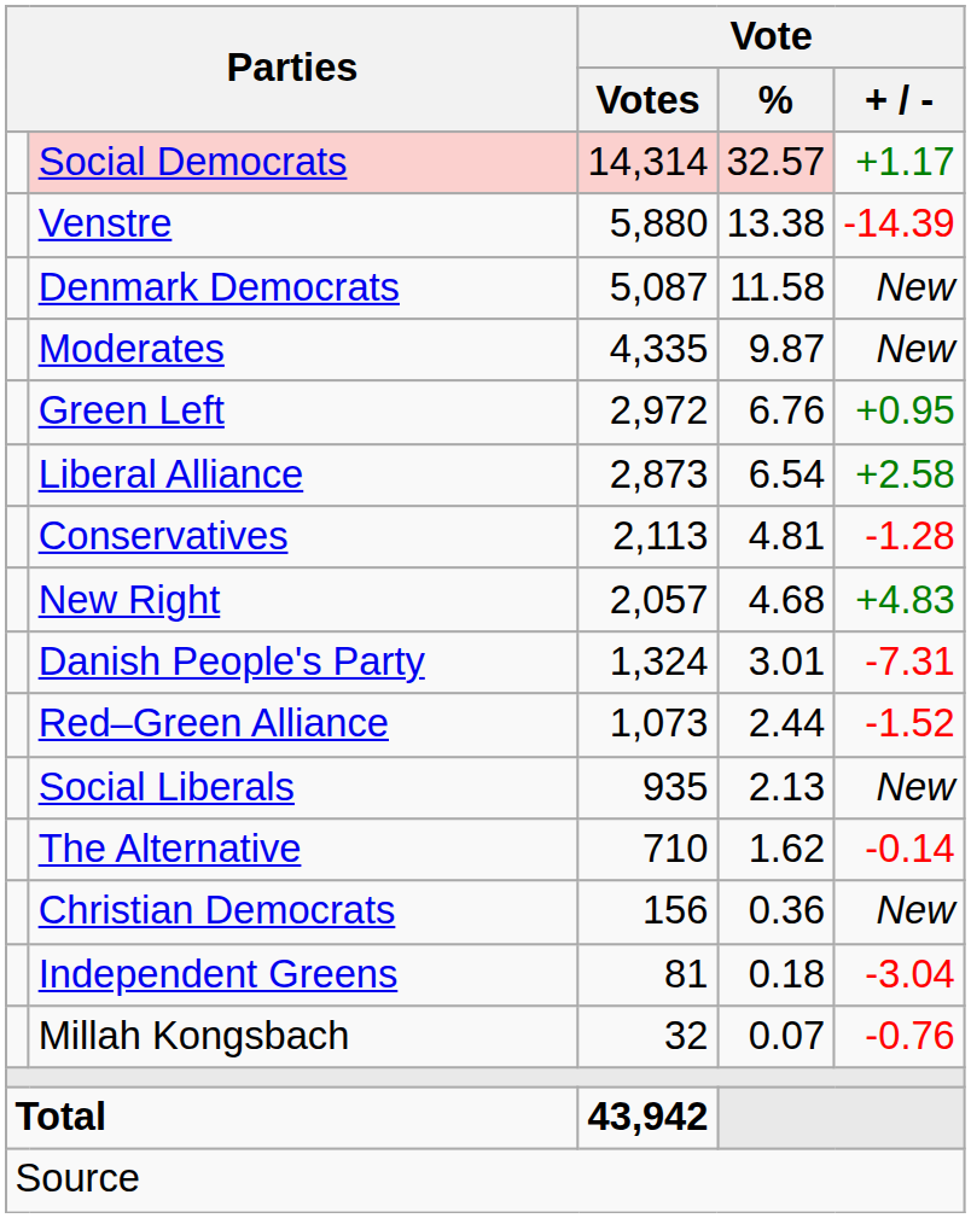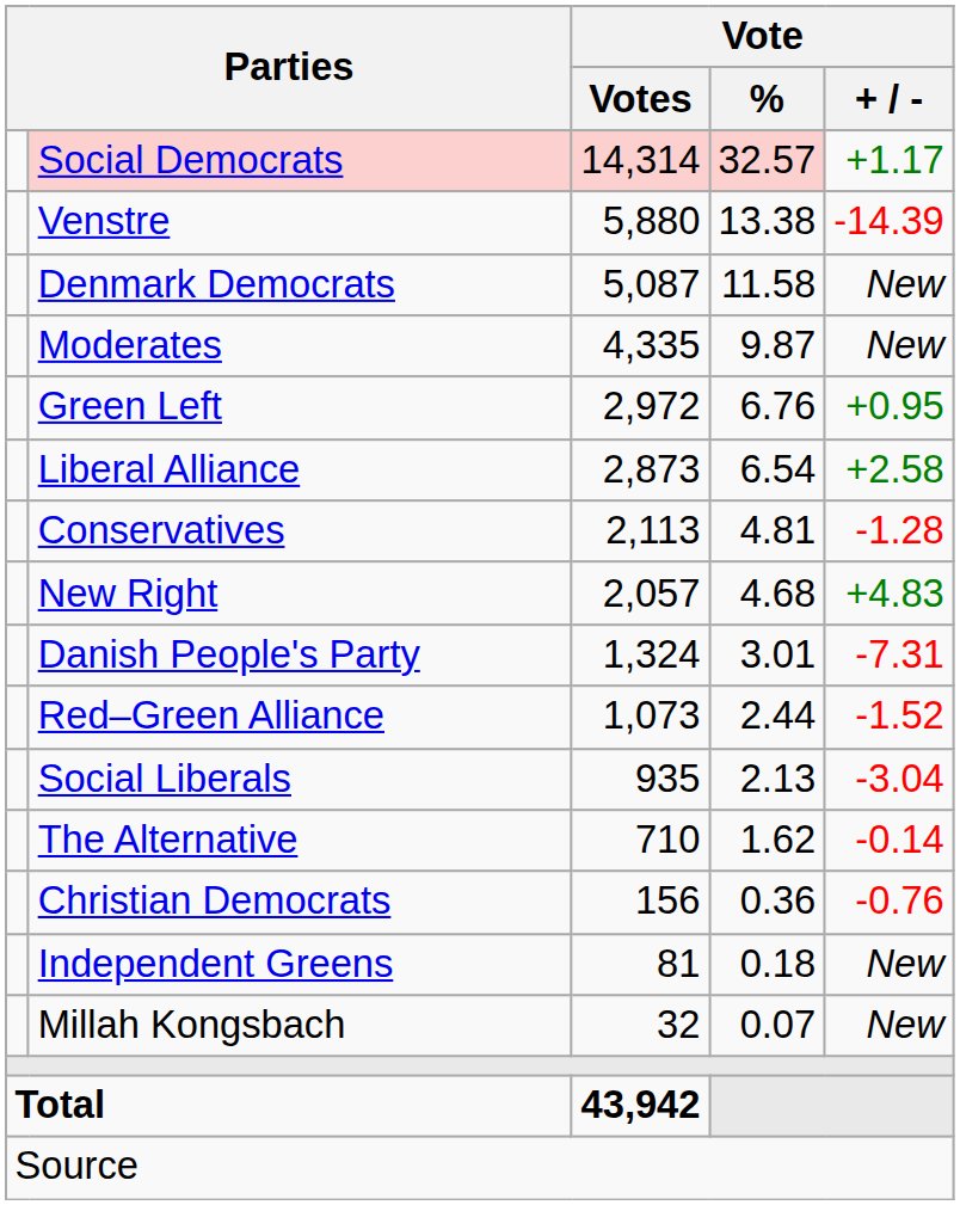 <table class="wikitable" style="text-align:right;">
 <tr>
 <th style="text-align:centre;" rowspan="2" colspan="2" width="225">Parties</th>
 <th colspan="3">Vote</th>
 </tr>
 <tr>
 <th width="15">Votes</th>
 <th width="15">%</th>
 <th width="15">+ / -</th>
 </tr>
 <tr>
 <td width="2" style="color:inherit;background:"></td>
 <td bgcolor=#fbd0ce  align="left"><a href='#'>Social Democrats</a></td>
 <td bgcolor=#fbd0ce>14,314</td>
 <td bgcolor=#fbd0ce>32.57</td>
 <td style=color:green;>+1.17</td>
 </tr>
 <tr>
 <td width="2" style="color:inherit;background:"></td>
 <td align="left"><a href='#'>Venstre</a></td>
 <td>5,880</td>
 <td>13.38</td>
 <td style=color:red;>-14.39</td>
 </tr>
 <tr>
 <td width="2" style="color:inherit;background:"></td>
 <td align="left"><a href='#'>Denmark Democrats</a></td>
 <td>5,087</td>
 <td>11.58</td>
 <td><em>New</em></td>
 </tr>
 <tr>
 <td width="2" style="color:inherit;background:"></td>
 <td align="left"><a href='#'>Moderates</a></td>
 <td>4,335</td>
 <td>9.87</td>
 <td><em>New</em></td>
 </tr>
 <tr>
 <td width="2" style="color:inherit;background:"></td>
 <td align="left"><a href='#'>Green Left</a></td>
 <td>2,972</td>
 <td>6.76</td>
 <td style=color:green;>+0.95</td>
 </tr>
 <tr>
 <td width="2" style="color:inherit;background:"></td>
 <td align="left"><a href='#'>Liberal Alliance</a></td>
 <td>2,873</td>
 <td>6.54</td>
 <td style=color:green;>+2.58</td>
 </tr>
 <tr>
 <td width="2" style="color:inherit;background:"></td>
 <td align="left"><a href='#'>Conservatives</a></td>
 <td>2,113</td>
 <td>4.81</td>
 <td style=color:red;>-1.28</td>
 </tr>
 <tr>
 <td width="2" style="color:inherit;background:"></td>
 <td align="left"><a href='#'>New Right</a></td>
 <td>2,057</td>
 <td>4.68</td>
 <td style=color:green;>+4.83</td>
 </tr>
 <tr>
 <td width="2" style="color:inherit;background:"></td>
 <td align="left"><a href='#'>Danish People's Party</a></td>
 <td>1,324</td>
 <td>3.01</td>
 <td style=color:red;>-7.31</td>
 </tr>
 <tr>
 <td width="2" style="color:inherit;background:"></td>
 <td align="left"><a href='#'>Red–Green Alliance</a></td>
 <td>1,073</td>
 <td>2.44</td>
 <td style=color:red;>-1.52</td>
 </tr>
 <tr>
 <td width="2" style="color:inherit;background:"></td>
 <td align="left"><a href='#'>Social Liberals</a></td>
 <td>935</td>
 <td>2.13</td>
-<td><em>New</em></td>
+<td style=color:red;>-3.04</td>
 </tr>
 <tr>
 <td width="2" style="color:inherit;background:"></td>
 <td align="left"><a href='#'>The Alternative</a></td>
 <td>710</td>
 <td>1.62</td>
 <td style=color:red;>-0.14</td>
 </tr>
 <tr>
 <td width="2" style="color:inherit;background:"></td>
 <td align="left"><a href='#'>Christian Democrats</a></td>
 <td>156</td>
 <td>0.36</td>
-<td><em>New</em></td>
+<td style=color:red;>-0.76</td>
 </tr>
 <tr>
 <td width="2" style="color:inherit;background:"></td>
 <td align="left"><a href='#'>Independent Greens</a></td>
 <td>81</td>
 <td>0.18</td>
-<td style=color:red;>-3.04</td>
+<td><em>New</em></td>
 </tr>
 <tr>
 <td width="2" style="color:inherit;background:"></td>
 <td align="left">Millah Kongsbach</td>
 <td>32</td>
 <td>0.07</td>
-<td style=color:red;>-0.76</td>
+<td><em>New</em></td>
 </tr>
 <tr>
 <td colspan="7" bgcolor="#E9E9E9"></td>
 </tr>
 <tr>
 <td align="left" colspan="2"><strong>Total</strong></td>
 <td><strong>43,942</strong></td>
 <td bgcolor="#E9E9E9" colspan="2"></td>
 </tr>
 <tr>
 <td align="left" colspan="6">Source</td>
 </tr>
 </table>
